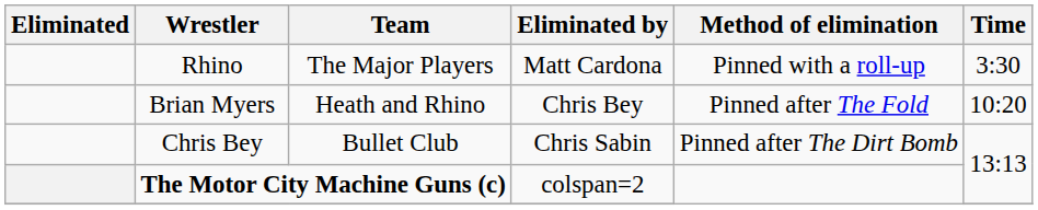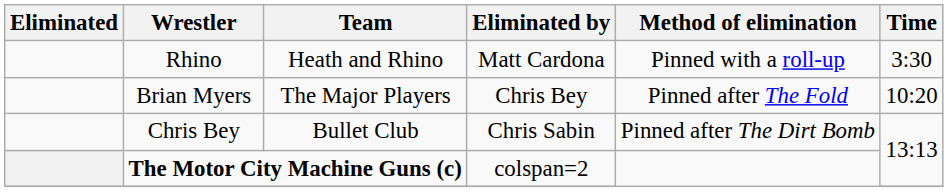 <table class="wikitable sortable" style="text-align:center;">
 <tr>
 <th>Eliminated</th>
 <th>Wrestler</th>
 <th>Team</th>
 <th>Eliminated by</th>
 <th>Method of elimination</th>
 <th>Time</th>
 </tr>
 <tr>
 <td></td>
 <td>Rhino</td>
-<td>The Major Players</td>
+<td>Heath and Rhino</td>
 <td>Matt Cardona</td>
 <td>Pinned with a <a href='#'>roll-up</a></td>
 <td>3:30</td>
 </tr>
 <tr>
 <td></td>
 <td>Brian Myers</td>
-<td>Heath and Rhino</td>
+<td>The Major Players</td>
 <td>Chris Bey</td>
 <td>Pinned after <em><a href='#'>The Fold</a></em></td>
 <td>10:20</td>
 </tr>
 <tr>
 <td></td>
 <td>Chris Bey</td>
 <td>Bullet Club</td>
 <td>Chris Sabin</td>
 <td>Pinned after <em>The Dirt Bomb</em></td>
 <td rowspan=2>13:13</td>
 </tr>
 <tr>
 <th><strong></strong></th>
 <td colspan=2 align=center><strong>The Motor City Machine Guns (c)</strong></td>
 <td>colspan=2 </td>
 </tr>
 <tr>
 </tr>
 </table>
